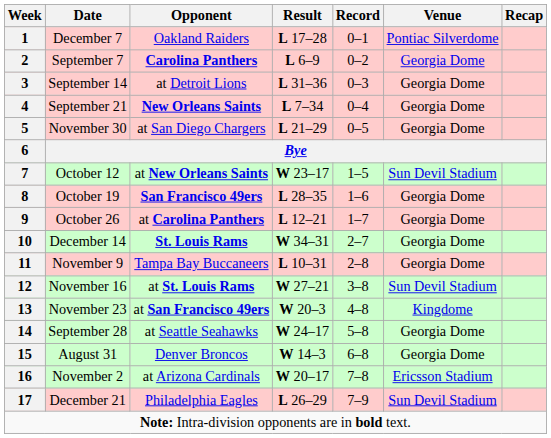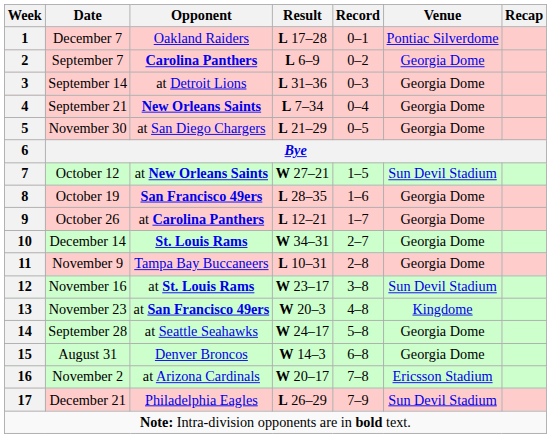 <table class="wikitable" style="text-align:center">
 <tr>
 <th>Week</th>
 <th>Date</th>
 <th>Opponent</th>
 <th>Result</th>
 <th>Record</th>
 <th>Venue</th>
 <th>Recap</th>
 </tr>
 <tr style="background:#fcc">
 <th>1</th>
 <td>December 7</td>
 <td><a href='#'>Oakland Raiders</a></td>
 <td><strong>L</strong> 17–28</td>
 <td>0–1</td>
 <td><a href='#'>Pontiac Silverdome</a></td>
 <td></td>
 </tr>
 <tr style="background:#fcc">
 <th>2</th>
 <td>September 7</td>
 <td><strong><a href='#'>Carolina Panthers</a></strong></td>
 <td><strong>L</strong> 6–9</td>
 <td>0–2</td>
 <td><a href='#'>Georgia Dome</a></td>
 <td></td>
 </tr>
 <tr style="background:#fcc">
 <th>3</th>
 <td>September 14</td>
 <td>at <a href='#'>Detroit Lions</a></td>
 <td><strong>L</strong> 31–36</td>
 <td>0–3</td>
 <td>Georgia Dome</td>
 <td></td>
 </tr>
 <tr style="background:#fcc">
 <th>4</th>
 <td>September 21</td>
 <td><strong><a href='#'>New Orleans Saints</a></strong></td>
 <td><strong>L</strong> 7–34</td>
 <td>0–4</td>
 <td>Georgia Dome</td>
 <td></td>
 </tr>
 <tr style="background:#fcc">
 <th>5</th>
 <td>November 30</td>
 <td>at <a href='#'>San Diego Chargers</a></td>
 <td><strong>L</strong> 21–29</td>
 <td>0–5</td>
 <td>Georgia Dome</td>
 <td></td>
 </tr>
 <tr>
 <th>6</th>
 <th colspan=6 style="text-align:center;"><em><a href='#'>Bye</a></em></th>
 </tr>
 <tr style="background:#cfc">
 <th>7</th>
 <td>October 12</td>
 <td>at <strong><a href='#'>New Orleans Saints</a></strong></td>
-<td><strong>W</strong> 23–17</td>
+<td><strong>W</strong> 27–21</td>
 <td>1–5</td>
 <td><a href='#'>Sun Devil Stadium</a></td>
 <td></td>
 </tr>
 <tr style="background:#fcc">
 <th>8</th>
 <td>October 19</td>
 <td><strong><a href='#'>San Francisco 49ers</a></strong></td>
 <td><strong>L</strong> 28–35</td>
 <td>1–6</td>
 <td>Georgia Dome</td>
 <td></td>
 </tr>
 <tr style="background:#fcc">
 <th>9</th>
 <td>October 26</td>
 <td>at <strong><a href='#'>Carolina Panthers</a></strong></td>
 <td><strong>L</strong> 12–21</td>
 <td>1–7</td>
 <td>Georgia Dome</td>
 <td></td>
 </tr>
 <tr style="background:#cfc">
 <th>10</th>
 <td>December 14</td>
 <td><strong><a href='#'>St. Louis Rams</a></strong></td>
 <td><strong>W</strong> 34–31</td>
 <td>2–7</td>
 <td>Georgia Dome</td>
 <td></td>
 </tr>
 <tr style="background:#fcc">
 <th>11</th>
 <td>November 9</td>
 <td><a href='#'>Tampa Bay Buccaneers</a></td>
 <td><strong>L</strong> 10–31</td>
 <td>2–8</td>
 <td>Georgia Dome</td>
 <td></td>
 </tr>
 <tr style="background:#cfc">
 <th>12</th>
 <td>November 16</td>
 <td>at <strong><a href='#'>St. Louis Rams</a></strong></td>
-<td><strong>W</strong> 27–21</td>
+<td><strong>W</strong> 23–17</td>
 <td>3–8</td>
 <td><a href='#'>Sun Devil Stadium</a></td>
 <td></td>
 </tr>
 <tr style="background:#cfc">
 <th>13</th>
 <td>November 23</td>
 <td>at <strong><a href='#'>San Francisco 49ers</a></strong></td>
 <td><strong>W</strong> 20–3</td>
 <td>4–8</td>
 <td><a href='#'>Kingdome</a></td>
 <td></td>
 </tr>
 <tr style="background:#cfc">
 <th>14</th>
 <td>September 28</td>
 <td>at <a href='#'>Seattle Seahawks</a></td>
 <td><strong>W</strong> 24–17</td>
 <td>5–8</td>
 <td>Georgia Dome</td>
 <td></td>
 </tr>
 <tr style="background:#cfc">
 <th>15</th>
 <td>August 31</td>
 <td><a href='#'>Denver Broncos</a></td>
 <td><strong>W</strong> 14–3</td>
 <td>6–8</td>
 <td>Georgia Dome</td>
 <td></td>
 </tr>
 <tr style="background:#cfc">
 <th>16</th>
 <td>November 2</td>
 <td>at <a href='#'>Arizona Cardinals</a></td>
 <td><strong>W</strong> 20–17</td>
 <td>7–8</td>
 <td><a href='#'>Ericsson Stadium</a></td>
 <td></td>
 </tr>
 <tr style="background:#fcc">
 <th>17</th>
 <td>December 21</td>
 <td><a href='#'>Philadelphia Eagles</a></td>
 <td><strong>L</strong> 26–29</td>
 <td>7–9</td>
 <td><a href='#'>Sun Devil Stadium</a></td>
 <td></td>
 </tr>
 <tr>
 <td colspan="8"><strong>Note:</strong> Intra-division opponents are in <strong>bold</strong> text.</td>
 </tr>
 </table>
